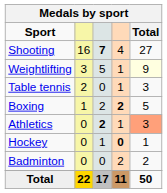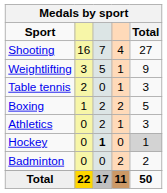 <table class="wikitable" style="text-align:center; font-size:85%; float:right">
 <tr style="background:#efefef;">
 <th colspan=5><strong>Medals by sport</strong></th>
 </tr>
 <tr align=center>
 <td><strong>Sport</strong></td>
 <th style="background:#f7f6a8;"></th>
 <th style="background:#dce5e5;"></th>
 <th style="background:#ffdab9;"></th>
 <th><strong>Total</strong></th>
 </tr>
 <tr align=center>
 <td align=left><a href='#'>Shooting</a></td>
 <td style="background:#f7f6a8;">16</td>
-<td style="background:#dce5e5;"><strong>7</strong></td>
+<td style="background:#dce5e5;">7</td>
 <td style="background:#ffdab9;">4</td>
 <td>27</td>
 </tr>
 <tr align=center>
 <td align=left><a href='#'>Weightlifting</a></td>
 <td style="background:#f7f6a8;">3</td>
 <td style="background:#dce5e5;">5</td>
 <td style="background:#ffdab9;">1</td>
-<td style="background: lightyellow;">9</td>
+<td>9</td>
 </tr>
 <tr align=center>
 <td align=left><a href='#'>Table tennis</a></td>
 <td style="background:#f7f6a8;">2</td>
 <td style="background:#dce5e5;">0</td>
 <td style="background:#ffdab9;">1</td>
 <td>3</td>
 </tr>
 <tr align=center>
 <td align=left><a href='#'>Boxing</a></td>
 <td style="background:#f7f6a8;">1</td>
 <td style="background:#dce5e5;">2</td>
-<td style="background:#ffdab9;"><strong>2</strong></td>
+<td style="background:#ffdab9;">2</td>
 <td>5</td>
 </tr>
 <tr align=center>
 <td align=left><a href='#'>Athletics</a></td>
 <td style="background:#f7f6a8;">0</td>
-<td style="background:#dce5e5;"><strong>2</strong></td>
+<td style="background:#dce5e5;">2</td>
 <td style="background:#ffdab9;">1</td>
-<td style="background: lightsalmon;">3</td>
+<td>3</td>
 </tr>
 <tr align=center>
 <td align=left><a href='#'>Hockey</a></td>
 <td style="background:#f7f6a8;">0</td>
-<td style="background:#dce5e5;">1</td>
-<td style="background:#ffdab9;"><strong>0</strong></td>
-<td>1</td>
+<td style="background:#dce5e5;"><strong>1</strong></td>
+<td style="background:#ffdab9;">0</td>
+<td style="background: lightgrey;">1</td>
 </tr>
 <tr align=center>
 <td align=left><a href='#'>Badminton</a></td>
 <td style="background:#f7f6a8;">0</td>
 <td style="background:#dce5e5;">0</td>
 <td style="background:#ffdab9;">2</td>
 <td>2</td>
 </tr>
 <tr>
 </tr>
 <tr align=center>
 <th style="background:#efefef;"><strong>Total</strong></th>
 <th style="background:gold;"><strong>22</strong></th>
 <th style="background:silver;"><strong>17</strong></th>
 <th style="background:#c96;"><strong>11</strong></th>
 <td><strong>50</strong></td>
 </tr>
 </table>
